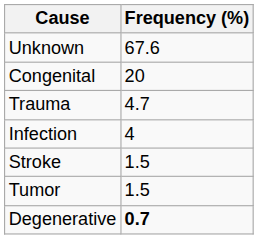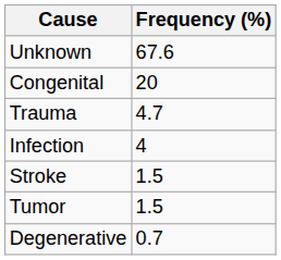 <table class="wikitable">
 <tr>
 <th>Cause</th>
 <th>Frequency (%)</th>
 </tr>
 <tr>
 <td>Unknown</td>
 <td>67.6</td>
 </tr>
 <tr>
 <td>Congenital</td>
 <td>20</td>
 </tr>
 <tr>
 <td>Trauma</td>
 <td>4.7</td>
 </tr>
 <tr>
 <td>Infection</td>
 <td>4</td>
 </tr>
 <tr>
 <td>Stroke</td>
 <td>1.5</td>
 </tr>
 <tr>
 <td>Tumor</td>
 <td>1.5</td>
 </tr>
 <tr>
 <td>Degenerative</td>
-<td><strong>0.7</strong></td>
+<td>0.7</td>
 </tr>
 </table>
